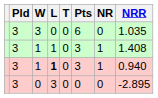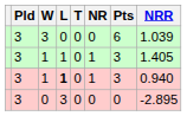 <table class="wikitable">
 <tr>
 <th></th>
 <th>Pld</th>
 <th>W</th>
 <th>L</th>
 <th>T</th>
+<th>NR</th>
 <th>Pts</th>
-<th>NR</th>
 <th><a href='#'>NRR</a></th>
 </tr>
 <tr style="background:#cfc;">
 <td></td>
 <td>3</td>
 <td>3</td>
 <td>0</td>
 <td>0</td>
+<td>0</td>
 <td>6</td>
-<td>0</td>
-<td>1.035</td>
+<td>1.039</td>
 </tr>
 <tr style="background:#cfc;">
 <td></td>
 <td>3</td>
 <td>1</td>
 <td>1</td>
 <td>0</td>
+<td>1</td>
 <td>3</td>
-<td>1</td>
-<td>1.408</td>
+<td>1.405</td>
 </tr>
 <tr style="background:#fcc;">
 <td></td>
 <td>3</td>
 <td>1</td>
 <td><strong>1</strong></td>
 <td>0</td>
+<td>1</td>
 <td>3</td>
-<td>1</td>
 <td>0.940</td>
 </tr>
 <tr style="background:#fcc;">
 <td></td>
 <td>3</td>
 <td>0</td>
 <td>3</td>
 <td>0</td>
 <td>0</td>
 <td>0</td>
 <td>-2.895</td>
 </tr>
 </table>
